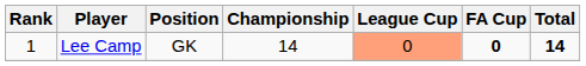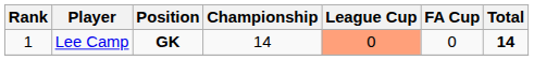 <table class="wikitable">
 <tr>
 <th>Rank</th>
 <th>Player</th>
 <th>Position</th>
 <th>Championship</th>
 <th>League Cup</th>
 <th>FA Cup</th>
 <th>Total</th>
 </tr>
 <tr>
 <td align=center>1</td>
 <td> <a href='#'>Lee Camp</a></td>
-<td align=center>GK</td>
+<td align=center><strong>GK</strong></td>
 <td align=center>14</td>
 <td align=center style="background: lightsalmon;">0</td>
-<td align=center><strong>0</strong></td>
+<td align=center>0</td>
 <td align=center><strong>14</strong></td>
 </tr>
 <tr>
 </tr>
 </table>
